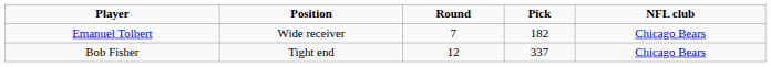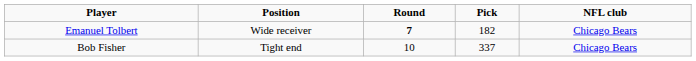 <table class="wikitable" width="80%">
 <tr align="center">
 <td><strong>Player</strong></td>
 <td><strong>Position</strong></td>
 <td><strong>Round</strong></td>
 <td><strong>Pick</strong></td>
 <td><strong>NFL club</strong></td>
 </tr>
 <tr align="center" bgcolor="">
 <td><a href='#'>Emanuel Tolbert</a></td>
 <td>Wide receiver</td>
-<td>7</td>
+<td><strong>7</strong></td>
 <td>182</td>
 <td><a href='#'>Chicago Bears</a></td>
 </tr>
 <tr align="center" bgcolor="">
 <td>Bob Fisher</td>
 <td>Tight end</td>
-<td>12</td>
+<td>10</td>
 <td>337</td>
 <td><a href='#'>Chicago Bears</a></td>
 </tr>
 </table>
